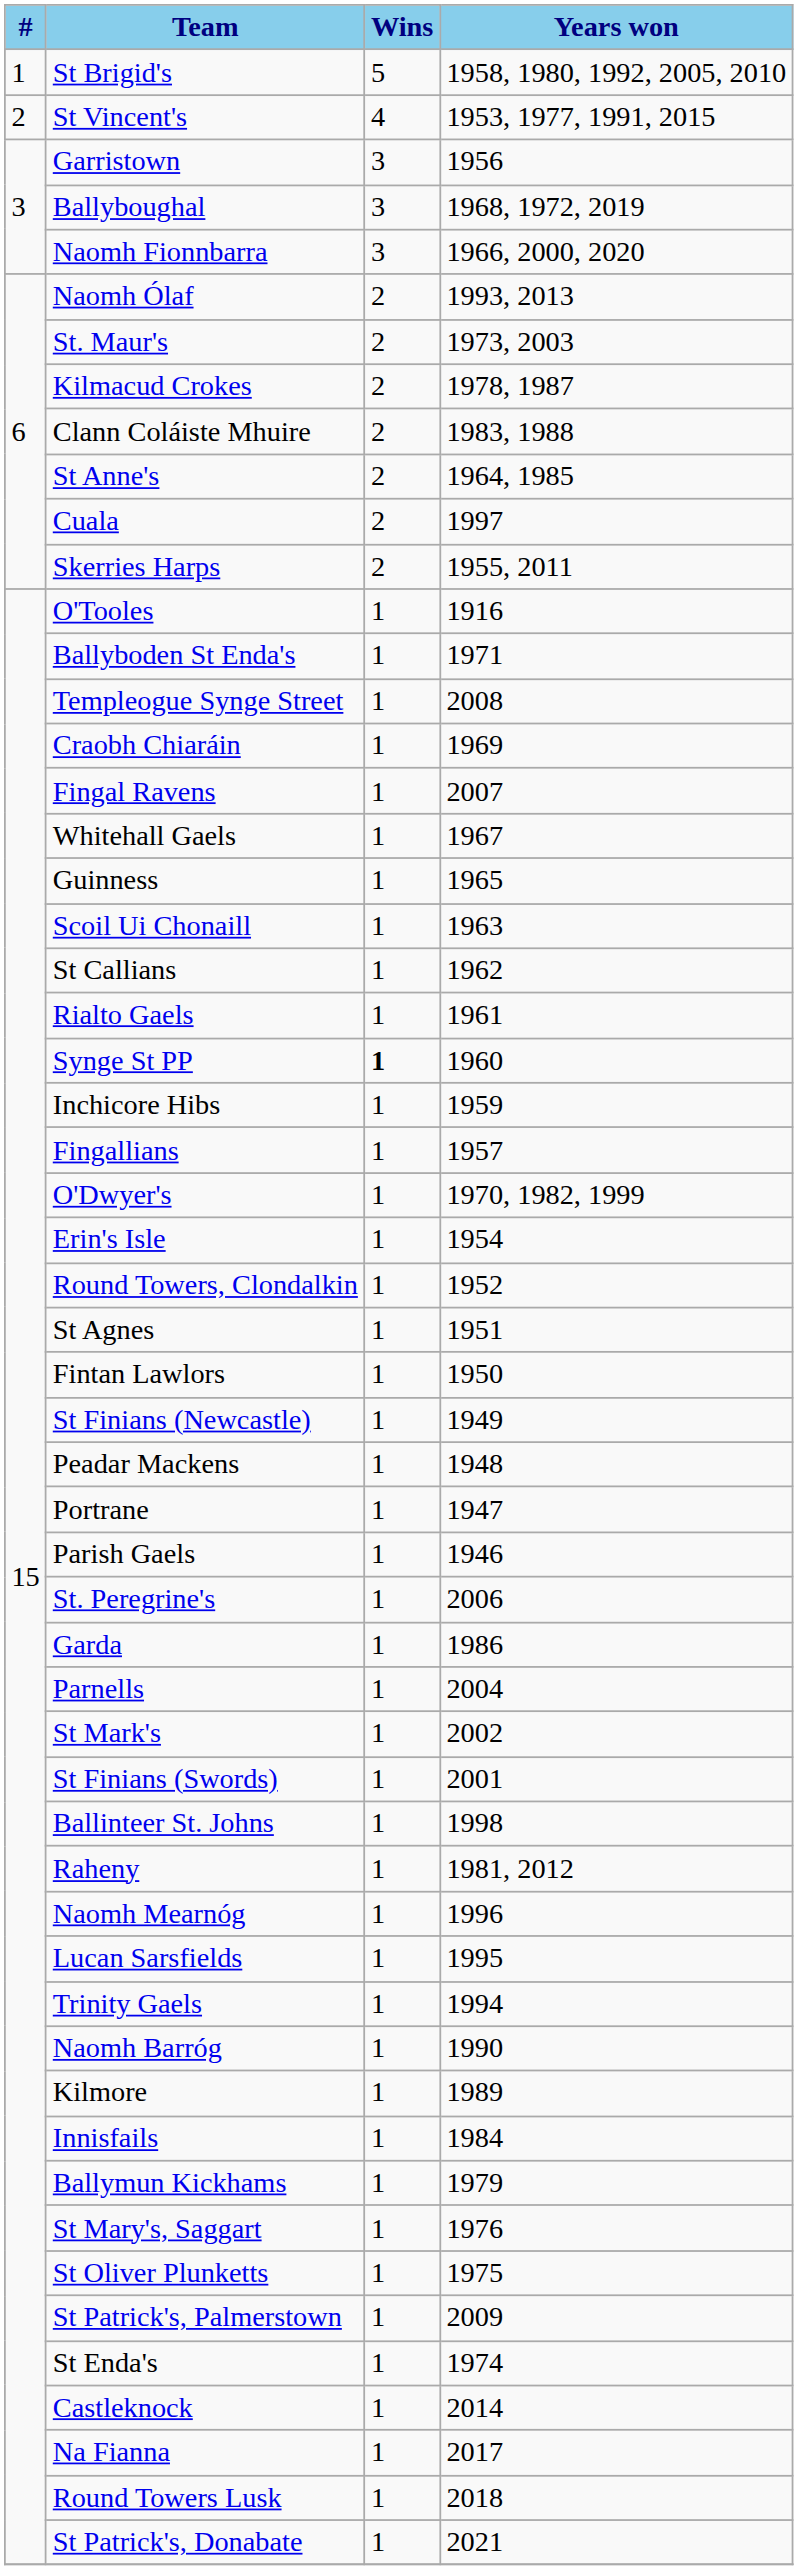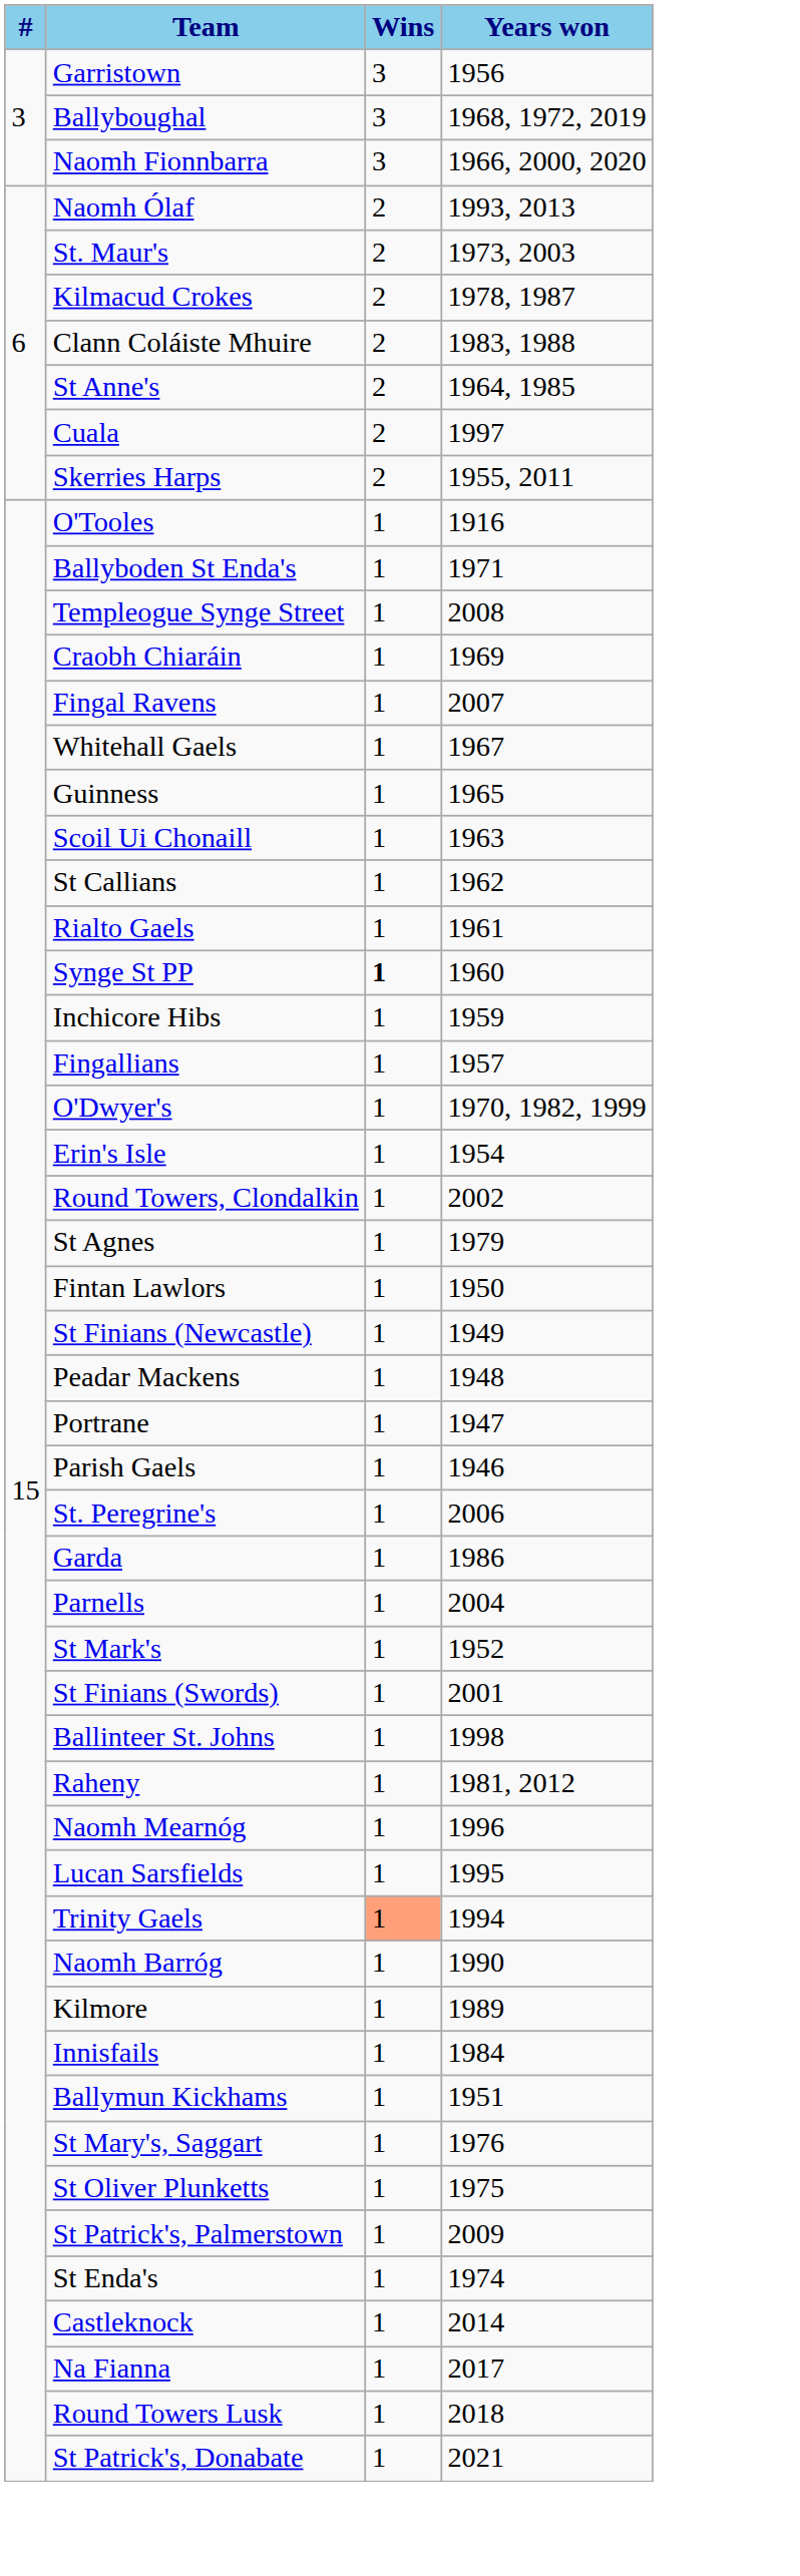 <table class="wikitable">
 <tr>
 <th style="background:skyblue;color:navy;">#</th>
 <th style="background:skyblue;color:navy;">Team</th>
 <th style="background:skyblue;color:navy;">Wins</th>
 <th style="background:skyblue;color:navy;">Years won</th>
-</tr>
-<tr>
-<td>1</td>
-<td><a href='#'>St Brigid's</a></td>
-<td>5</td>
-<td>1958, 1980, 1992, 2005, 2010</td>
-</tr>
-<tr>
-<td>2</td>
-<td><a href='#'>St Vincent's</a></td>
-<td>4</td>
-<td>1953, 1977, 1991, 2015</td>
 </tr>
 <tr>
 <td rowspan=3>3</td>
 <td><a href='#'>Garristown</a></td>
 <td>3</td>
 <td>1956</td>
 </tr>
 <tr>
 <td><a href='#'>Ballyboughal</a></td>
 <td>3</td>
 <td>1968, 1972, 2019</td>
 </tr>
 <tr>
 <td><a href='#'>Naomh Fionnbarra</a></td>
 <td>3</td>
 <td>1966, 2000, 2020</td>
 </tr>
 <tr>
 <td rowspan=7>6</td>
 <td><a href='#'>Naomh Ólaf</a></td>
 <td>2</td>
 <td>1993, 2013</td>
 </tr>
 <tr>
 <td><a href='#'>St. Maur's</a></td>
 <td>2</td>
 <td>1973, 2003</td>
 </tr>
 <tr>
 <td><a href='#'>Kilmacud Crokes</a></td>
 <td>2</td>
 <td>1978, 1987</td>
 </tr>
 <tr>
 <td>Clann Coláiste Mhuire</td>
 <td>2</td>
 <td>1983, 1988</td>
 </tr>
 <tr>
 <td><a href='#'>St Anne's</a></td>
 <td>2</td>
 <td>1964, 1985</td>
 </tr>
 <tr>
 <td><a href='#'>Cuala</a></td>
 <td>2</td>
 <td>1997</td>
 </tr>
 <tr>
 <td><a href='#'>Skerries Harps</a></td>
 <td>2</td>
 <td>1955, 2011</td>
 </tr>
 <tr>
 <td rowspan=44>15</td>
 <td><a href='#'>O'Tooles</a></td>
 <td>1</td>
 <td>1916</td>
 </tr>
 <tr>
 <td><a href='#'>Ballyboden St Enda's</a></td>
 <td>1</td>
 <td>1971</td>
 </tr>
 <tr>
 <td><a href='#'>Templeogue Synge Street</a></td>
 <td>1</td>
 <td>2008</td>
 </tr>
 <tr>
 <td><a href='#'>Craobh Chiaráin</a></td>
 <td>1</td>
 <td>1969</td>
 </tr>
 <tr>
 <td><a href='#'>Fingal Ravens</a></td>
 <td>1</td>
 <td>2007</td>
 </tr>
 <tr>
 <td>Whitehall Gaels</td>
 <td>1</td>
 <td>1967</td>
 </tr>
 <tr>
 <td>Guinness</td>
 <td>1</td>
 <td>1965</td>
 </tr>
 <tr>
 <td><a href='#'>Scoil Ui Chonaill</a></td>
 <td>1</td>
 <td>1963</td>
 </tr>
 <tr>
 <td>St Callians</td>
 <td>1</td>
 <td>1962</td>
 </tr>
 <tr>
 <td><a href='#'>Rialto Gaels</a></td>
 <td>1</td>
 <td>1961</td>
 </tr>
 <tr>
 <td><a href='#'>Synge St PP</a></td>
 <td><strong>1</strong></td>
 <td>1960</td>
 </tr>
 <tr>
 <td>Inchicore Hibs</td>
 <td>1</td>
 <td>1959</td>
 </tr>
 <tr>
 <td><a href='#'>Fingallians</a></td>
 <td>1</td>
 <td>1957</td>
 </tr>
 <tr>
 <td><a href='#'>O'Dwyer's</a></td>
 <td>1</td>
 <td>1970, 1982, 1999</td>
 </tr>
 <tr>
 <td><a href='#'>Erin's Isle</a></td>
 <td>1</td>
 <td>1954</td>
 </tr>
 <tr>
 <td><a href='#'>Round Towers, Clondalkin</a></td>
 <td>1</td>
-<td>1952</td>
+<td>2002</td>
 </tr>
 <tr>
 <td>St Agnes</td>
 <td>1</td>
-<td>1951</td>
+<td>1979</td>
 </tr>
 <tr>
 <td>Fintan Lawlors</td>
 <td>1</td>
 <td>1950</td>
 </tr>
 <tr>
 <td><a href='#'>St Finians (Newcastle)</a></td>
 <td>1</td>
 <td>1949</td>
 </tr>
 <tr>
 <td>Peadar Mackens</td>
 <td>1</td>
 <td>1948</td>
 </tr>
 <tr>
 <td>Portrane</td>
 <td>1</td>
 <td>1947</td>
 </tr>
 <tr>
 <td>Parish Gaels</td>
 <td>1</td>
 <td>1946</td>
 </tr>
 <tr>
 <td><a href='#'>St. Peregrine's</a></td>
 <td>1</td>
 <td>2006</td>
 </tr>
 <tr>
 <td><a href='#'>Garda</a></td>
 <td>1</td>
 <td>1986</td>
 </tr>
 <tr>
 <td><a href='#'>Parnells</a></td>
 <td>1</td>
 <td>2004</td>
 </tr>
 <tr>
 <td><a href='#'>St Mark's</a></td>
 <td>1</td>
-<td>2002</td>
+<td>1952</td>
 </tr>
 <tr>
 <td><a href='#'>St Finians (Swords)</a></td>
 <td>1</td>
 <td>2001</td>
 </tr>
 <tr>
 <td><a href='#'>Ballinteer St. Johns</a></td>
 <td>1</td>
 <td>1998</td>
 </tr>
 <tr>
 <td><a href='#'>Raheny</a></td>
 <td>1</td>
 <td>1981, 2012</td>
 </tr>
 <tr>
 <td><a href='#'>Naomh Mearnóg</a></td>
 <td>1</td>
 <td>1996</td>
 </tr>
 <tr>
 <td><a href='#'>Lucan Sarsfields</a></td>
 <td>1</td>
 <td>1995</td>
 </tr>
 <tr>
 <td><a href='#'>Trinity Gaels</a></td>
-<td>1</td>
+<td style="background: lightsalmon;">1</td>
 <td>1994</td>
 </tr>
 <tr>
 <td><a href='#'>Naomh Barróg</a></td>
 <td>1</td>
 <td>1990</td>
 </tr>
 <tr>
 <td>Kilmore</td>
 <td>1</td>
 <td>1989</td>
 </tr>
 <tr>
 <td><a href='#'>Innisfails</a></td>
 <td>1</td>
 <td>1984</td>
 </tr>
 <tr>
 <td><a href='#'>Ballymun Kickhams</a></td>
 <td>1</td>
-<td>1979</td>
+<td>1951</td>
 </tr>
 <tr>
 <td><a href='#'>St Mary's, Saggart</a></td>
 <td>1</td>
 <td>1976</td>
 </tr>
 <tr>
 <td><a href='#'>St Oliver Plunketts</a></td>
 <td>1</td>
 <td>1975</td>
 </tr>
 <tr>
 <td><a href='#'>St Patrick's, Palmerstown</a></td>
 <td>1</td>
 <td>2009</td>
 </tr>
 <tr>
 <td>St Enda's</td>
 <td>1</td>
 <td>1974</td>
 </tr>
 <tr>
 <td><a href='#'>Castleknock</a></td>
 <td>1</td>
 <td>2014</td>
 </tr>
 <tr>
 <td><a href='#'>Na Fianna</a></td>
 <td>1</td>
 <td>2017</td>
 </tr>
 <tr>
 <td><a href='#'>Round Towers Lusk</a></td>
 <td>1</td>
 <td>2018</td>
 </tr>
 <tr>
 <td> <a href='#'>St Patrick's, Donabate</a></td>
 <td>1</td>
 <td>2021</td>
 </tr>
 <tr>
 </tr>
 </table>
